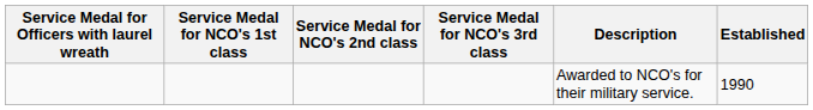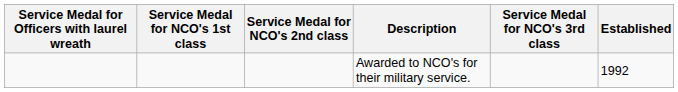 <table class="wikitable" style="font-size:85%;">
 <tr>
 <th><big>Service Medal for Officers with laurel wreath</big></th>
 <th><big>Service Medal for NCO's 1st class</big></th>
 <th><big>Service Medal for NCO's 2nd class</big></th>
+<th><big>Description</big></th>
 <th><big>Service Medal for NCO's 3rd class</big></th>
-<th><big>Description</big></th>
 <th><big>Established</big></th>
 </tr>
 <tr>
 <td><big></big></td>
 <td><big></big></td>
 <td><big></big></td>
+<td><big>Awarded to NCO's for their military service.</big></td>
 <td><big></big></td>
-<td><big>Awarded to NCO's for their military service.</big></td>
-<td><big>1990</big></td>
+<td><big>1992</big></td>
 </tr>
 </table>
